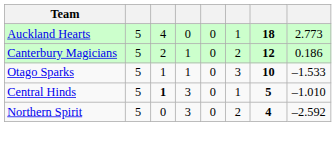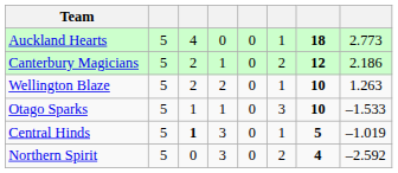 <table class="wikitable" style="text-align:center">
 <tr>
 <th width="150">Team</th>
 <th width="25"></th>
 <th width="25"></th>
 <th width="25"></th>
 <th width="25"></th>
 <th width="25"></th>
 <th width="40"></th>
 <th width="50"></th>
 </tr>
 <tr style="background:#cfc">
 <td style="text-align:left"><a href='#'>Auckland Hearts</a></td>
 <td>5</td>
 <td>4</td>
 <td>0</td>
 <td>0</td>
 <td>1</td>
 <td><strong>18</strong></td>
 <td>2.773</td>
 </tr>
 <tr style="background:#cfc">
 <td style="text-align:left"><a href='#'>Canterbury Magicians</a></td>
 <td>5</td>
 <td>2</td>
 <td>1</td>
 <td>0</td>
 <td>2</td>
 <td><strong>12</strong></td>
-<td>0.186</td>
+<td>2.186</td>
+</tr>
+<tr>
+<td style="text-align:left"><a href='#'>Wellington Blaze</a></td>
+<td>5</td>
+<td>2</td>
+<td>2</td>
+<td>0</td>
+<td>1</td>
+<td><strong>10</strong></td>
+<td>1.263</td>
 </tr>
 <tr>
 <td style="text-align:left"><a href='#'>Otago Sparks</a></td>
 <td>5</td>
 <td>1</td>
 <td>1</td>
 <td>0</td>
 <td>3</td>
 <td><strong>10</strong></td>
 <td>–1.533</td>
 </tr>
 <tr>
 <td style="text-align:left"><a href='#'>Central Hinds</a></td>
 <td>5</td>
 <td><strong>1</strong></td>
 <td>3</td>
 <td>0</td>
 <td>1</td>
 <td><strong>5</strong></td>
-<td>–1.010</td>
+<td>–1.019</td>
 </tr>
 <tr>
 <td style="text-align:left"><a href='#'>Northern Spirit</a></td>
 <td>5</td>
 <td>0</td>
 <td>3</td>
 <td>0</td>
 <td>2</td>
 <td><strong>4</strong></td>
 <td>–2.592</td>
 </tr>
 </table>
